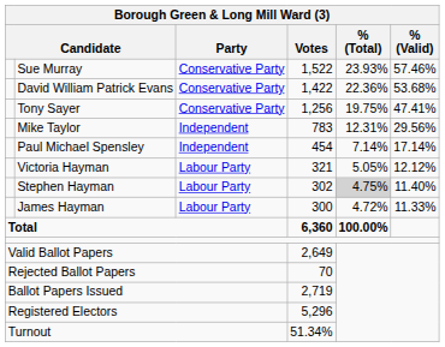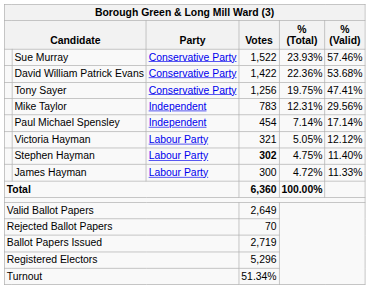 <table class="wikitable" border="1" style="text-align:right; font-size:100%">
 <tr>
 <th align=center colspan=6>Borough Green & Long Mill Ward (3)</th>
 </tr>
 <tr>
 <th valign=bottom align=left colspan=2>Candidate</th>
 <th valign=bottom align=left>Party</th>
 <th valign=bottom align=center>Votes</th>
 <th align=center>%<br>(Total)</th>
 <th align=center>%<br>(Valid)</th>
 </tr>
 <tr>
 <td bgcolor=> </td>
 <td align=left>Sue Murray</td>
 <td align=left><a href='#'>Conservative Party</a></td>
 <td>1,522</td>
 <td>23.93%</td>
 <td>57.46%</td>
 </tr>
 <tr>
 <td bgcolor=> </td>
 <td align=left>David William Patrick Evans</td>
 <td align=left><a href='#'>Conservative Party</a></td>
 <td>1,422</td>
 <td>22.36%</td>
 <td>53.68%</td>
 </tr>
 <tr>
 <td bgcolor=> </td>
 <td align=left>Tony Sayer</td>
 <td align=left><a href='#'>Conservative Party</a></td>
 <td>1,256</td>
 <td>19.75%</td>
 <td>47.41%</td>
 </tr>
 <tr>
 <td></td>
 <td align=left>Mike Taylor</td>
 <td align=left><a href='#'>Independent</a></td>
 <td>783</td>
 <td>12.31%</td>
 <td>29.56%</td>
 </tr>
 <tr>
 <td></td>
 <td align=left>Paul Michael Spensley</td>
 <td align=left><a href='#'>Independent</a></td>
 <td>454</td>
 <td>7.14%</td>
 <td>17.14%</td>
 </tr>
 <tr>
 <td bgcolor=> </td>
 <td align=left>Victoria Hayman</td>
 <td align=left><a href='#'>Labour Party</a></td>
 <td>321</td>
 <td>5.05%</td>
 <td>12.12%</td>
 </tr>
 <tr>
 <td bgcolor=> </td>
 <td align=left>Stephen Hayman</td>
 <td align=left><a href='#'>Labour Party</a></td>
-<td>302</td>
-<td style="background: lightgrey;">4.75%</td>
+<td><strong>302</strong></td>
+<td>4.75%</td>
 <td>11.40%</td>
 </tr>
 <tr>
 <td bgcolor=> </td>
 <td align=left>James Hayman</td>
 <td align=left><a href='#'>Labour Party</a></td>
 <td>300</td>
 <td>4.72%</td>
 <td>11.33%</td>
 </tr>
 <tr>
 <td align=left colspan=3><strong>Total</strong></td>
 <td><strong>6,360</strong></td>
 <td><strong>100.00%</strong></td>
 <td></td>
 </tr>
 <tr>
 <td align=left colspan=6></td>
 </tr>
 <tr>
 <td align=left colspan=3>Valid Ballot Papers</td>
 <td>2,649</td>
 <td colspan=2 rowspan=5></td>
 </tr>
 <tr>
 <td align=left colspan=3>Rejected Ballot Papers</td>
 <td>70</td>
 </tr>
 <tr>
 <td align=left colspan=3>Ballot Papers Issued</td>
 <td>2,719</td>
 </tr>
 <tr>
 <td align=left colspan=3>Registered Electors</td>
 <td>5,296</td>
 </tr>
 <tr>
 <td align=left colspan=3>Turnout</td>
 <td>51.34%</td>
 </tr>
 </table>
